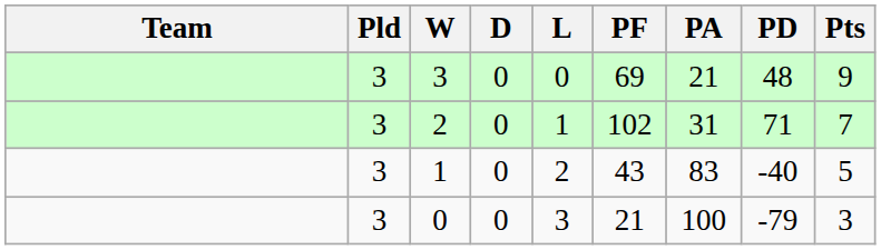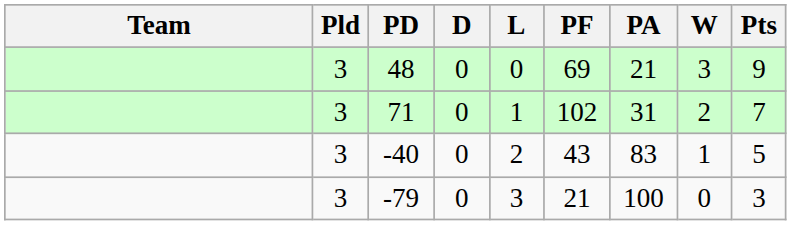 <table class="wikitable" style="text-align:center;">
 <tr>
 <th width=175>Team</th>
 <th width=25 abbr="Played">Pld</th>
-<th width=25 abbr="Won">W</th>
+<th width=32 abbr="Points difference">PD</th>
 <th width=25 abbr="Drawn">D</th>
 <th width=25 abbr="Lost">L</th>
 <th width=32 abbr="Points for">PF</th>
 <th width=32 abbr="Points against">PA</th>
-<th width=32 abbr="Points difference">PD</th>
+<th width=25 abbr="Won">W</th>
 <th width=25 abbr="Points">Pts</th>
 </tr>
 <tr bgcolor=ccffcc>
 <td align=left></td>
 <td>3</td>
-<td>3</td>
+<td>48</td>
 <td>0</td>
 <td>0</td>
 <td>69</td>
 <td>21</td>
-<td>48</td>
+<td>3</td>
 <td>9</td>
 </tr>
 <tr bgcolor=ccffcc>
 <td align=left></td>
 <td>3</td>
-<td>2</td>
+<td>71</td>
 <td>0</td>
 <td>1</td>
 <td>102</td>
 <td>31</td>
-<td>71</td>
+<td>2</td>
 <td>7</td>
 </tr>
 <tr>
 <td align=left></td>
 <td>3</td>
-<td>1</td>
+<td>-40</td>
 <td>0</td>
 <td>2</td>
 <td>43</td>
 <td>83</td>
-<td>-40</td>
+<td>1</td>
 <td>5</td>
 </tr>
 <tr>
 <td align=left></td>
 <td>3</td>
-<td>0</td>
+<td>-79</td>
 <td>0</td>
 <td>3</td>
 <td>21</td>
 <td>100</td>
-<td>-79</td>
+<td>0</td>
 <td>3</td>
 </tr>
 </table>
